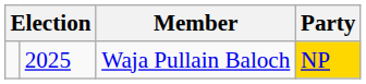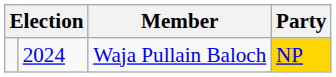 <table class="wikitable">
 <tr>
 <th colspan="2">Election</th>
 <th>Member</th>
 <th>Party</th>
 </tr>
 <tr>
 <td style="background-color: "></td>
-<td><a href='#'>2025</a></td>
+<td><a href='#'>2024</a></td>
 <td><a href='#'>Waja Pullain Baloch</a></td>
 <td style="background: gold;"><a href='#'>NP</a></td>
 </tr>
 </table>
